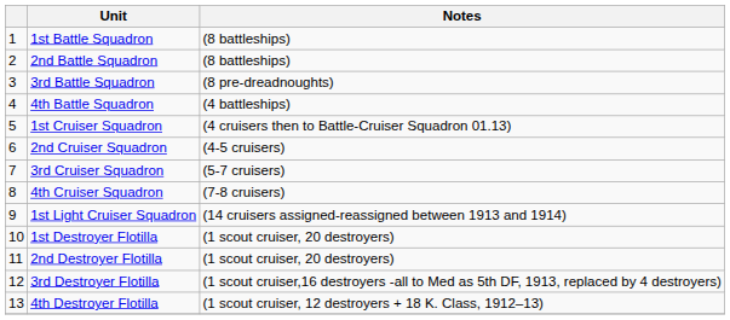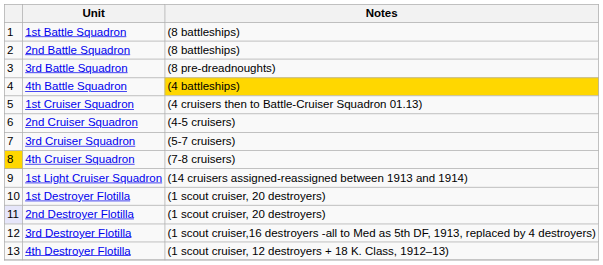 <table class=wikitable>
 <tr>
 <th></th>
 <th>Unit</th>
 <th>Notes</th>
 </tr>
 <tr>
 <td>1</td>
 <td><a href='#'>1st Battle Squadron</a></td>
 <td>(8 battleships)</td>
 </tr>
 <tr>
 <td>2</td>
 <td><a href='#'>2nd Battle Squadron</a></td>
 <td>(8 battleships)</td>
 </tr>
 <tr>
 <td>3</td>
 <td><a href='#'>3rd Battle Squadron</a></td>
 <td>(8 pre-dreadnoughts)</td>
 </tr>
 <tr>
 <td>4</td>
 <td><a href='#'>4th Battle Squadron</a></td>
-<td>(4 battleships)</td>
+<td style="background: gold;">(4 battleships)</td>
 </tr>
 <tr>
 <td>5</td>
 <td><a href='#'>1st Cruiser Squadron</a></td>
 <td>(4 cruisers then to Battle-Cruiser Squadron 01.13)</td>
 </tr>
 <tr>
 <td>6</td>
 <td><a href='#'>2nd Cruiser Squadron</a></td>
 <td>(4-5 cruisers)</td>
 </tr>
 <tr>
 <td>7</td>
 <td><a href='#'>3rd Cruiser Squadron</a></td>
 <td>(5-7 cruisers)</td>
 </tr>
 <tr>
-<td>8</td>
+<td style="background: gold;">8</td>
 <td><a href='#'>4th Cruiser Squadron</a></td>
 <td>(7-8 cruisers)</td>
 </tr>
 <tr>
 <td>9</td>
 <td><a href='#'>1st Light Cruiser Squadron</a></td>
 <td>(14 cruisers assigned-reassigned between 1913 and 1914)</td>
 </tr>
 <tr>
 <td>10</td>
 <td><a href='#'>1st Destroyer Flotilla</a></td>
 <td>(1 scout cruiser, 20 destroyers)</td>
 </tr>
 <tr>
-<td>11</td>
+<td style="background: lavender;">11</td>
 <td><a href='#'>2nd Destroyer Flotilla</a></td>
 <td>(1 scout cruiser, 20 destroyers)</td>
 </tr>
 <tr>
 <td>12</td>
 <td><a href='#'>3rd Destroyer Flotilla</a></td>
 <td>(1 scout cruiser,16 destroyers -all to Med as 5th DF, 1913, replaced by 4 destroyers)</td>
 </tr>
 <tr>
 <td>13</td>
 <td><a href='#'>4th Destroyer Flotilla</a></td>
 <td>(1 scout cruiser, 12 destroyers + 18 K. Class, 1912–13)</td>
 </tr>
 <tr>
 </tr>
 </table>
